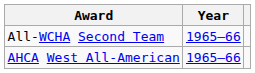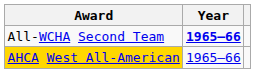 <table class="wikitable">
 <tr>
 <th>Award</th>
 <th>Year</th>
 <th></th>
 </tr>
 <tr>
 <td>All-<a href='#'>WCHA</a> <a href='#'>Second Team</a></td>
-<td><a href='#'>1965–66</a></td>
+<td><strong><a href='#'>1965–66</a></strong></td>
 <td></td>
 </tr>
 <tr>
-<td><a href='#'>AHCA</a> <a href='#'>West All-American</a></td>
+<td style="background: gold;"><a href='#'>AHCA</a> <a href='#'>West All-American</a></td>
 <td><a href='#'>1965–66</a></td>
 <td></td>
 </tr>
 <tr>
 </tr>
 </table>
